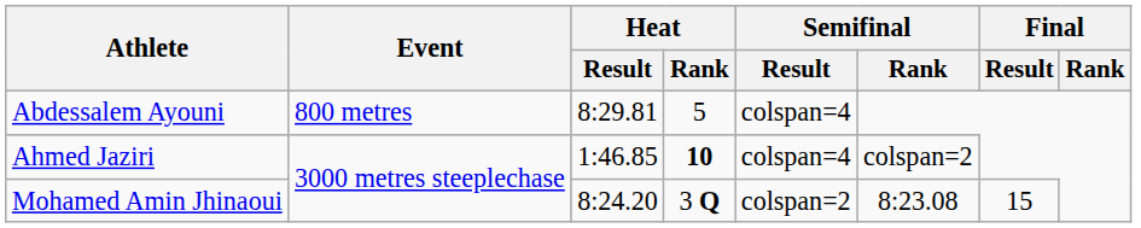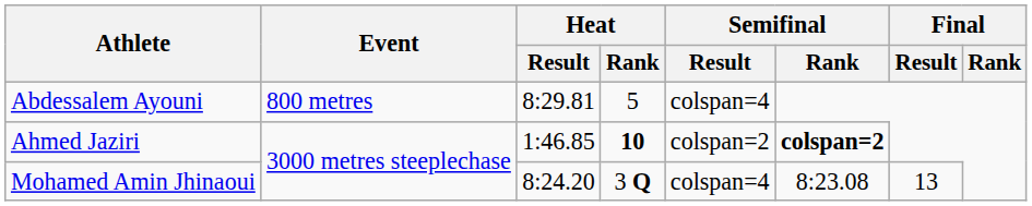 <table class="wikitable" style="font-size:90%">
 <tr>
 <th rowspan="2">Athlete</th>
 <th rowspan="2">Event</th>
 <th colspan="2">Heat</th>
 <th colspan="2">Semifinal</th>
 <th colspan="2">Final</th>
 </tr>
 <tr style="font-size:95%">
 <th>Result</th>
 <th>Rank</th>
 <th>Result</th>
 <th>Rank</th>
 <th>Result</th>
 <th>Rank</th>
 </tr>
 <tr align=center>
 <td align=left><a href='#'>Abdessalem Ayouni</a></td>
 <td align=left><a href='#'>800 metres</a></td>
 <td>8:29.81</td>
 <td>5</td>
 <td>colspan=4 </td>
 </tr>
 <tr align=center>
 <td align=left><a href='#'>Ahmed Jaziri</a></td>
 <td align=left rowspan =2><a href='#'>3000 metres steeplechase</a></td>
 <td>1:46.85</td>
 <td><strong>10</strong></td>
-<td>colspan=4 </td>
-<td>colspan=2 </td>
+<td>colspan=2</td>
+<td><strong>colspan=2 </strong></td>
 </tr>
 <tr align=center>
 <td align=left><a href='#'>Mohamed Amin Jhinaoui</a></td>
 <td>8:24.20</td>
 <td>3 <strong>Q</strong></td>
-<td>colspan=2</td>
+<td>colspan=4 </td>
 <td>8:23.08</td>
-<td>15</td>
+<td>13</td>
 </tr>
 </table>
